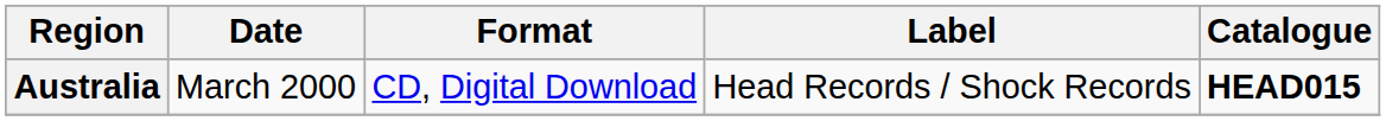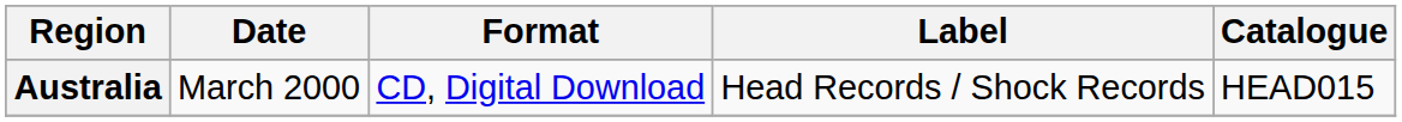 <table class="wikitable plainrowheaders">
 <tr>
 <th scope="col">Region</th>
 <th scope="col">Date</th>
 <th scope="col">Format</th>
 <th scope="col">Label</th>
 <th scope="col">Catalogue</th>
 </tr>
 <tr>
 <th scope="row">Australia</th>
 <td>March 2000</td>
 <td><a href='#'>CD</a>, <a href='#'>Digital Download</a></td>
 <td>Head Records / Shock Records</td>
-<td><strong>HEAD015</strong></td>
+<td>HEAD015</td>
 </tr>
 <tr>
 </tr>
 </table>
